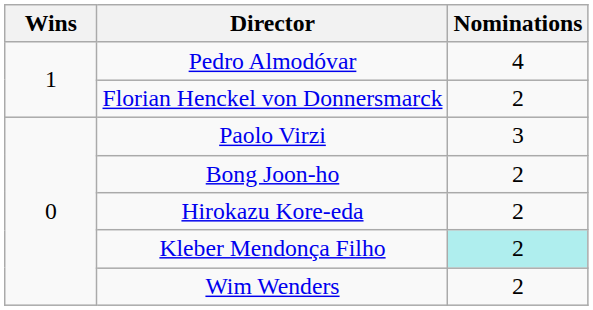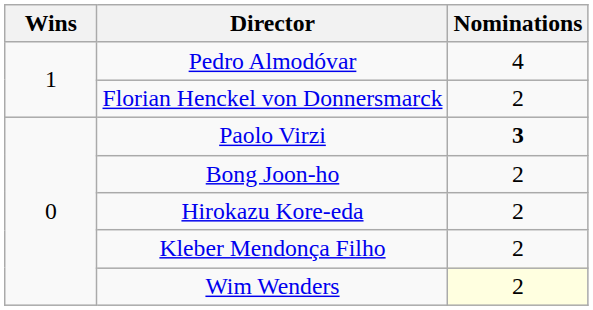 <table class="wikitable" style="text-align: center">
 <tr>
 <th scope="col" width="55">Wins</th>
 <th scope="col">Director</th>
 <th scope="col" width="55">Nominations</th>
 </tr>
 <tr>
 <td rowspan=2>1</td>
 <td> <a href='#'>Pedro Almodóvar</a></td>
 <td>4</td>
 </tr>
 <tr>
 <td> <a href='#'>Florian Henckel von Donnersmarck</a></td>
 <td>2</td>
 </tr>
 <tr>
 <td rowspan=5>0</td>
 <td> <a href='#'>Paolo Virzi</a></td>
-<td>3</td>
+<td><strong>3</strong></td>
 </tr>
 <tr>
 <td> <a href='#'>Bong Joon-ho</a></td>
 <td>2</td>
 </tr>
 <tr>
 <td> <a href='#'>Hirokazu Kore-eda</a></td>
 <td>2</td>
 </tr>
 <tr>
 <td> <a href='#'>Kleber Mendonça Filho</a></td>
-<td style="background: paleturquoise;">2</td>
+<td>2</td>
 </tr>
 <tr>
 <td> <a href='#'>Wim Wenders</a></td>
-<td>2</td>
+<td style="background: lightyellow;">2</td>
 </tr>
 </table>
